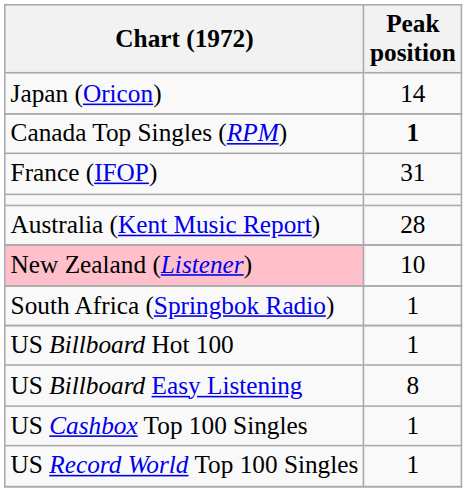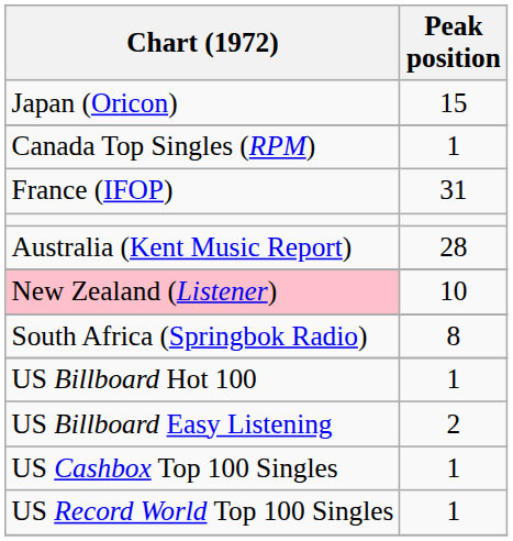 <table class="wikitable sortable">
 <tr>
 <th>Chart (1972)</th>
 <th>Peak<br>position</th>
 </tr>
 <tr>
 <td>Japan (<a href='#'>Oricon</a>)</td>
-<td style="text-align:center;">14</td>
+<td style="text-align:center;">15</td>
 </tr>
 <tr>
 </tr>
 <tr>
 </tr>
 <tr>
 <td>Canada Top Singles (<em><a href='#'>RPM</a></em>)</td>
-<td style="text-align:center;"><strong>1</strong></td>
+<td style="text-align:center;">1</td>
 </tr>
 <tr>
 <td>France (<a href='#'>IFOP</a>)</td>
 <td align="center">31</td>
 </tr>
 <tr>
 <td></td>
 </tr>
 <tr>
 <td>Australia (<a href='#'>Kent Music Report</a>)</td>
 <td align="center">28</td>
 </tr>
 <tr>
 </tr>
 <tr>
 </tr>
 <tr>
 <td style="background: pink;">New Zealand (<em><a href='#'>Listener</a></em>)</td>
 <td style="text-align:center;">10</td>
 </tr>
 <tr>
 </tr>
 <tr>
 <td>South Africa (<a href='#'>Springbok Radio</a>)</td>
-<td align="center">1</td>
+<td align="center">8</td>
 </tr>
 <tr>
 </tr>
 <tr>
 <td>US <em>Billboard</em> Hot 100</td>
 <td style="text-align:center;">1</td>
 </tr>
 <tr>
 <td>US <em>Billboard</em> <a href='#'>Easy Listening</a></td>
-<td align="center">8</td>
+<td align="center">2</td>
 </tr>
 <tr>
 <td>US <em><a href='#'>Cashbox</a></em> Top 100 Singles</td>
 <td align="center">1</td>
 </tr>
 <tr>
 <td>US <em><a href='#'>Record World</a></em> Top 100 Singles</td>
 <td align="center">1</td>
 </tr>
 <tr>
 </tr>
 </table>
